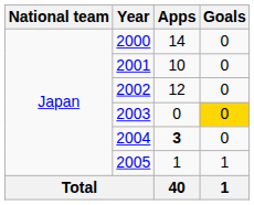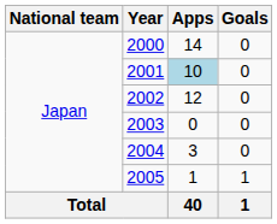 <table class="wikitable" style="text-align:center">
 <tr>
 <th>National team</th>
 <th>Year</th>
 <th>Apps</th>
 <th>Goals</th>
 </tr>
 <tr>
 <td rowspan="6"><a href='#'>Japan</a></td>
 <td><a href='#'>2000</a></td>
 <td>14</td>
 <td>0</td>
 </tr>
 <tr>
 <td><a href='#'>2001</a></td>
-<td>10</td>
+<td style="background: lightblue;">10</td>
 <td>0</td>
 </tr>
 <tr>
 <td><a href='#'>2002</a></td>
 <td>12</td>
 <td>0</td>
 </tr>
 <tr>
 <td><a href='#'>2003</a></td>
 <td>0</td>
-<td style="background: gold;">0</td>
+<td>0</td>
 </tr>
 <tr>
 <td><a href='#'>2004</a></td>
-<td><strong>3</strong></td>
+<td>3</td>
 <td>0</td>
 </tr>
 <tr>
 <td><a href='#'>2005</a></td>
 <td>1</td>
 <td>1</td>
 </tr>
 <tr>
 <th colspan="2">Total</th>
 <th>40</th>
 <th>1</th>
 </tr>
 </table>
